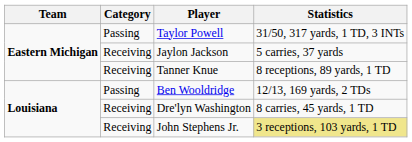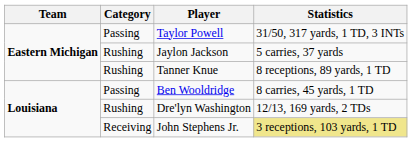 <table class="wikitable" style="float: right;">
 <tr>
 <th>Team</th>
 <th>Category</th>
 <th>Player</th>
 <th>Statistics</th>
 </tr>
 <tr>
 <td rowspan=3><strong>Eastern Michigan</strong></td>
 <td>Passing</td>
 <td><a href='#'>Taylor Powell</a></td>
 <td>31/50, 317 yards, 1 TD, 3 INTs</td>
 </tr>
 <tr>
-<td>Receiving</td>
+<td>Rushing</td>
 <td>Jaylon Jackson</td>
 <td>5 carries, 37 yards</td>
 </tr>
 <tr>
-<td>Receiving</td>
+<td>Rushing</td>
 <td>Tanner Knue</td>
 <td>8 receptions, 89 yards, 1 TD</td>
 </tr>
 <tr>
 <td rowspan=3><strong>Louisiana</strong></td>
 <td>Passing</td>
 <td><a href='#'>Ben Wooldridge</a></td>
-<td>12/13, 169 yards, 2 TDs</td>
+<td>8 carries, 45 yards, 1 TD</td>
 </tr>
 <tr>
-<td>Receiving</td>
+<td>Rushing</td>
 <td>Dre'lyn Washington</td>
-<td>8 carries, 45 yards, 1 TD</td>
+<td>12/13, 169 yards, 2 TDs</td>
 </tr>
 <tr>
 <td>Receiving</td>
 <td>John Stephens Jr.</td>
 <td style="background: khaki;">3 receptions, 103 yards, 1 TD</td>
 </tr>
 </table>
